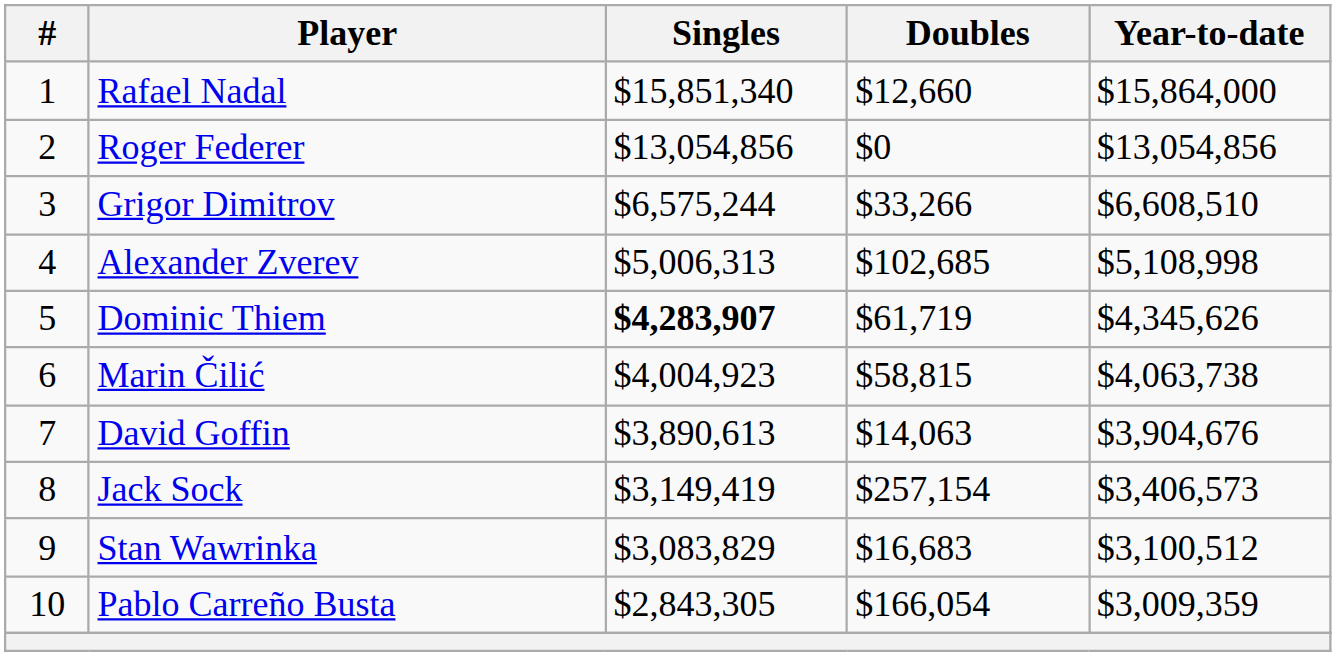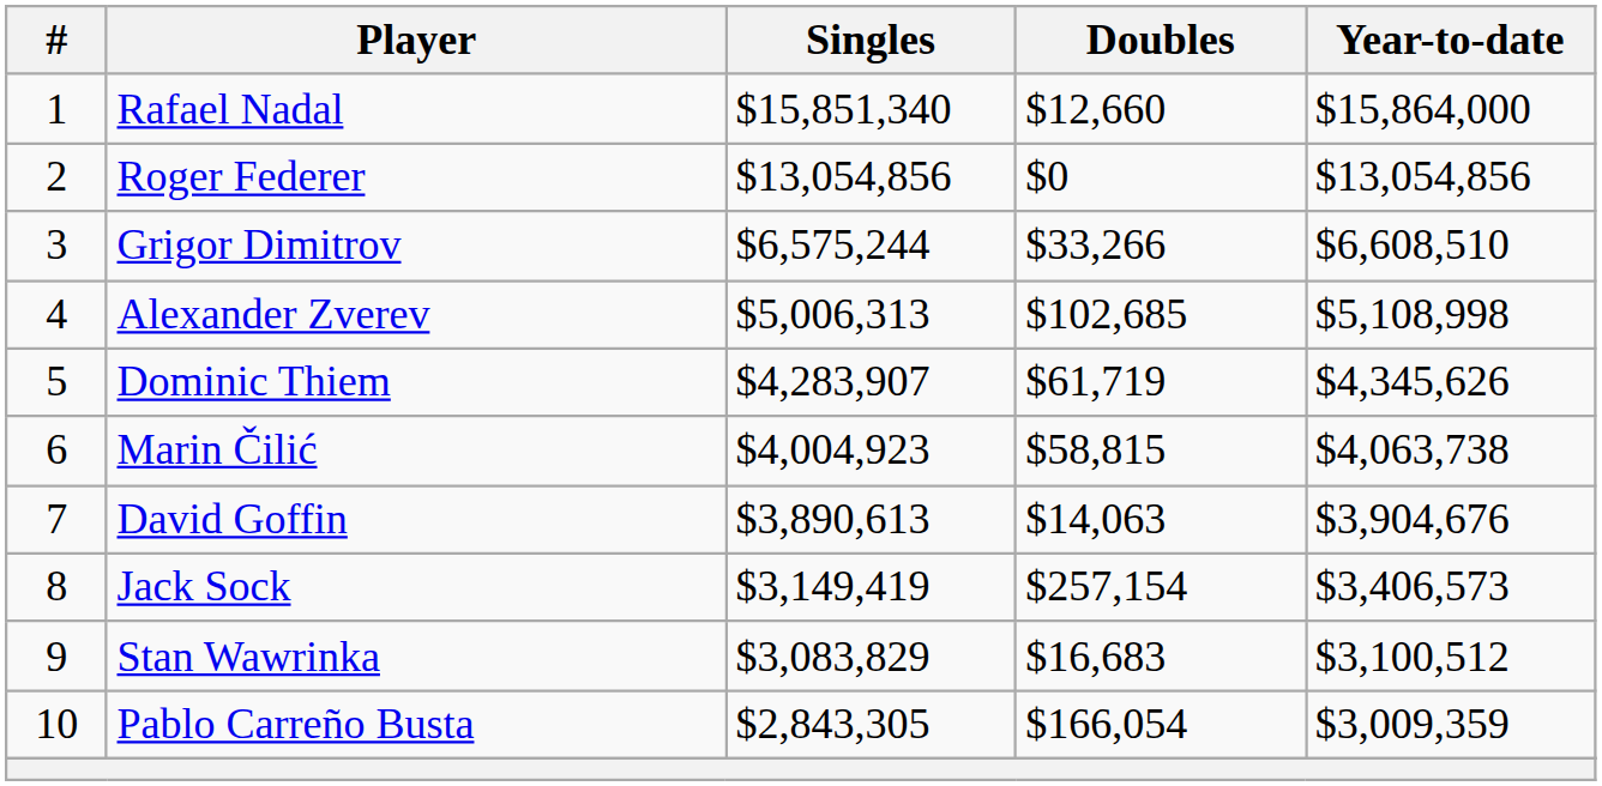 <table class="sortable wikitable">
 <tr>
 <th style="width:30px;">#</th>
 <th style="width:222px;">Player</th>
 <th style="width:100px;">Singles</th>
 <th style="width:100px;">Doubles</th>
 <th style="width:100px;">Year-to-date</th>
 </tr>
 <tr style="text-align:left;">
 <td align=center>1</td>
 <td style="text-align:left;"> <a href='#'>Rafael Nadal</a></td>
 <td>$15,851,340</td>
 <td>$12,660</td>
 <td>$15,864,000</td>
 </tr>
 <tr style="text-align:left;">
 <td align=center>2</td>
 <td style="text-align:left;"> <a href='#'>Roger Federer</a></td>
 <td>$13,054,856</td>
 <td>$0</td>
 <td>$13,054,856</td>
 </tr>
 <tr style="text-align:left;">
 <td align=center>3</td>
 <td style="text-align:left;"> <a href='#'>Grigor Dimitrov</a></td>
 <td>$6,575,244</td>
 <td>$33,266</td>
 <td>$6,608,510</td>
 </tr>
 <tr style="text-align:left;">
 <td align=center>4</td>
 <td style="text-align:left;"> <a href='#'>Alexander Zverev</a></td>
 <td>$5,006,313</td>
 <td>$102,685</td>
 <td>$5,108,998</td>
 </tr>
 <tr style="text-align:left;">
 <td align=center>5</td>
 <td style="text-align:left;"> <a href='#'>Dominic Thiem</a></td>
-<td><strong>$4,283,907</strong></td>
+<td>$4,283,907</td>
 <td>$61,719</td>
 <td>$4,345,626</td>
 </tr>
 <tr style="text-align:left;">
 <td align=center>6</td>
 <td style="text-align:left;"> <a href='#'>Marin Čilić</a></td>
 <td>$4,004,923</td>
 <td>$58,815</td>
 <td>$4,063,738</td>
 </tr>
 <tr style="text-align:left;">
 <td align=center>7</td>
 <td style="text-align:left;"> <a href='#'>David Goffin</a></td>
 <td>$3,890,613</td>
 <td>$14,063</td>
 <td>$3,904,676</td>
 </tr>
 <tr style="text-align:left;">
 <td align=center>8</td>
 <td style="text-align:left;"> <a href='#'>Jack Sock</a></td>
 <td>$3,149,419</td>
 <td>$257,154</td>
 <td>$3,406,573</td>
 </tr>
 <tr style="text-align:left;">
 <td align=center>9</td>
 <td style="text-align:left;"> <a href='#'>Stan Wawrinka</a></td>
 <td>$3,083,829</td>
 <td>$16,683</td>
 <td>$3,100,512</td>
 </tr>
 <tr style="text-align:left;">
 <td align=center>10</td>
 <td style="text-align:left;"> <a href='#'>Pablo Carreño Busta</a></td>
 <td>$2,843,305</td>
 <td>$166,054</td>
 <td>$3,009,359</td>
 </tr>
 <tr style="text-align:left;">
 </tr>
 <tr class="sortbottom">
 <th colspan=7></th>
 </tr>
 </table>
